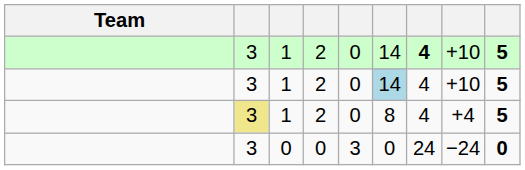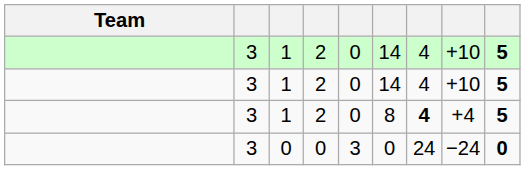 <table class="wikitable" style="text-align: center;">
 <tr>
 <th width=175>Team</th>
 <th width=20></th>
 <th width=20></th>
 <th width=20></th>
 <th width=20></th>
 <th width=20></th>
 <th width=20></th>
 <th width=20></th>
 <th width=20></th>
 </tr>
 <tr bgcolor="#ccffcc">
 <td style="text-align:left;"></td>
 <td>3</td>
 <td>1</td>
 <td>2</td>
 <td>0</td>
 <td>14</td>
-<td><strong>4</strong></td>
+<td>4</td>
 <td>+10</td>
 <td><strong>5</strong></td>
 </tr>
 <tr align=center>
 <td style="text-align:left;"><em></em></td>
 <td>3</td>
 <td>1</td>
 <td>2</td>
 <td>0</td>
-<td style="background: lightblue;">14</td>
+<td>14</td>
 <td>4</td>
 <td>+10</td>
 <td><strong>5</strong></td>
 </tr>
 <tr align=center>
 <td style="text-align:left;"></td>
-<td style="background: khaki;">3</td>
+<td>3</td>
 <td>1</td>
 <td>2</td>
 <td>0</td>
 <td>8</td>
-<td>4</td>
+<td><strong>4</strong></td>
 <td>+4</td>
 <td><strong>5</strong></td>
 </tr>
 <tr align=center>
 <td style="text-align:left;"></td>
 <td>3</td>
 <td>0</td>
 <td>0</td>
 <td>3</td>
 <td>0</td>
 <td>24</td>
 <td>−24</td>
 <td><strong>0</strong></td>
 </tr>
 </table>
